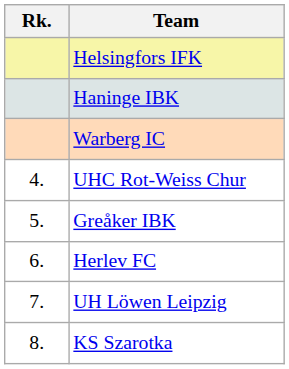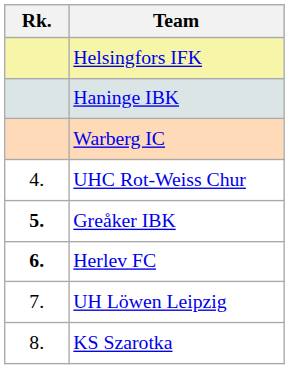 <table class="wikitable" style="border:1px solid #AAAAAA;font-size:90%">
 <tr bgcolor="#E4E4E4">
 <th style="border-bottom:1px solid #AAAAAA" width=40>Rk.</th>
 <th style="border-bottom:1px solid #AAAAAA" width=150>Team</th>
 </tr>
 <tr bgcolor="#F7F6A8">
 <td align="center" style="height:23px"></td>
 <td> <a href='#'>Helsingfors IFK</a></td>
 </tr>
 <tr bgcolor="#DCE5E5">
 <td align="center" style="height:23px"></td>
 <td> <a href='#'>Haninge IBK</a></td>
 </tr>
 <tr bgcolor="#FFDAB9">
 <td align="center" style="height:23px"></td>
 <td> <a href='#'>Warberg IC</a></td>
 </tr>
 <tr bgcolor="#ffffff">
 <td align="center" style="height:23px">4.</td>
 <td> <a href='#'>UHC Rot-Weiss Chur</a></td>
 </tr>
 <tr bgcolor="#ffffff">
-<td align="center" style="height:23px">5.</td>
+<td align="center" style="height:23px"><strong>5.</strong></td>
 <td> <a href='#'>Greåker IBK</a></td>
 </tr>
 <tr bgcolor="#ffffff">
-<td align="center" style="height:23px">6.</td>
+<td align="center" style="height:23px"><strong>6.</strong></td>
 <td> <a href='#'>Herlev FC</a></td>
 </tr>
 <tr bgcolor="#ffffff">
 <td align="center" style="height:23px">7.</td>
 <td> <a href='#'>UH Löwen Leipzig</a></td>
 </tr>
 <tr bgcolor="#ffffff">
 <td align="center" style="height:23px">8.</td>
 <td> <a href='#'>KS Szarotka</a></td>
 </tr>
 </table>
